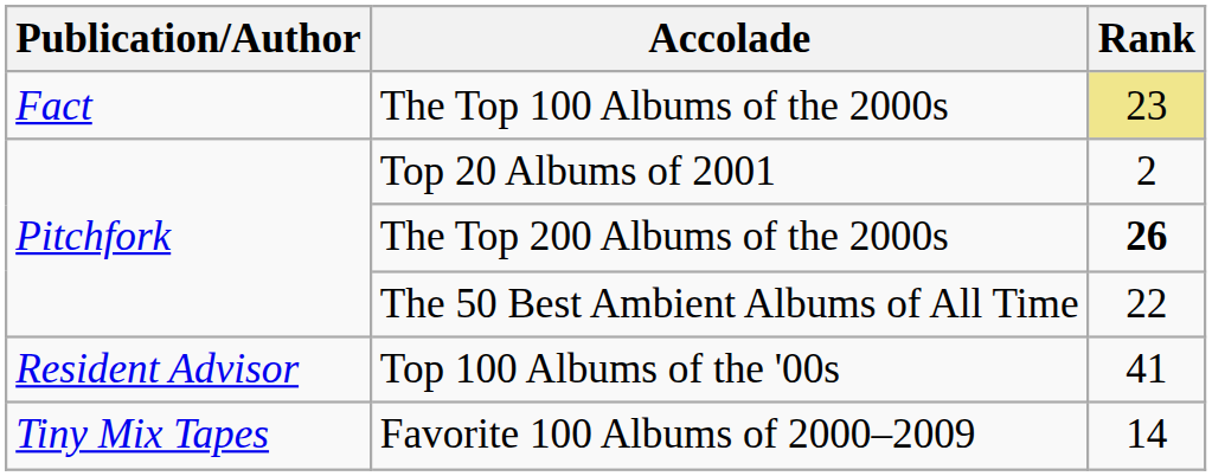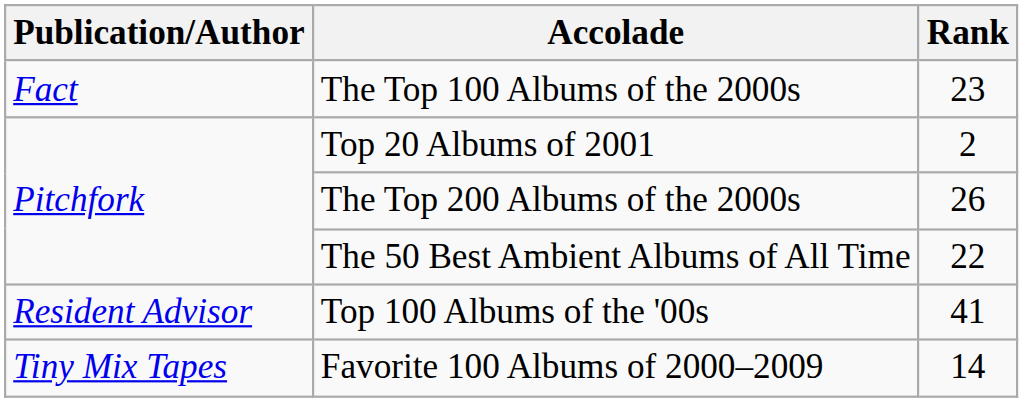 <table class="wikitable">
 <tr>
 <th>Publication/Author</th>
 <th>Accolade</th>
 <th>Rank</th>
 </tr>
 <tr>
 <td><em><a href='#'>Fact</a></em></td>
 <td>The Top 100 Albums of the 2000s</td>
-<td align=center style="background: khaki;">23</td>
+<td align=center>23</td>
 </tr>
 <tr>
 <td rowspan="3"><em><a href='#'>Pitchfork</a></em></td>
 <td>Top 20 Albums of 2001</td>
 <td align="center">2</td>
 </tr>
 <tr>
 <td>The Top 200 Albums of the 2000s</td>
-<td align="center"><strong>26</strong></td>
+<td align="center">26</td>
 </tr>
 <tr>
 <td>The 50 Best Ambient Albums of All Time</td>
 <td align="center">22</td>
 </tr>
 <tr>
 <td><em><a href='#'>Resident Advisor</a></em></td>
 <td>Top 100 Albums of the '00s</td>
 <td align=center>41</td>
 </tr>
 <tr>
 <td><em><a href='#'>Tiny Mix Tapes</a></em></td>
 <td>Favorite 100 Albums of 2000–2009</td>
 <td align=center>14</td>
 </tr>
 </table>
